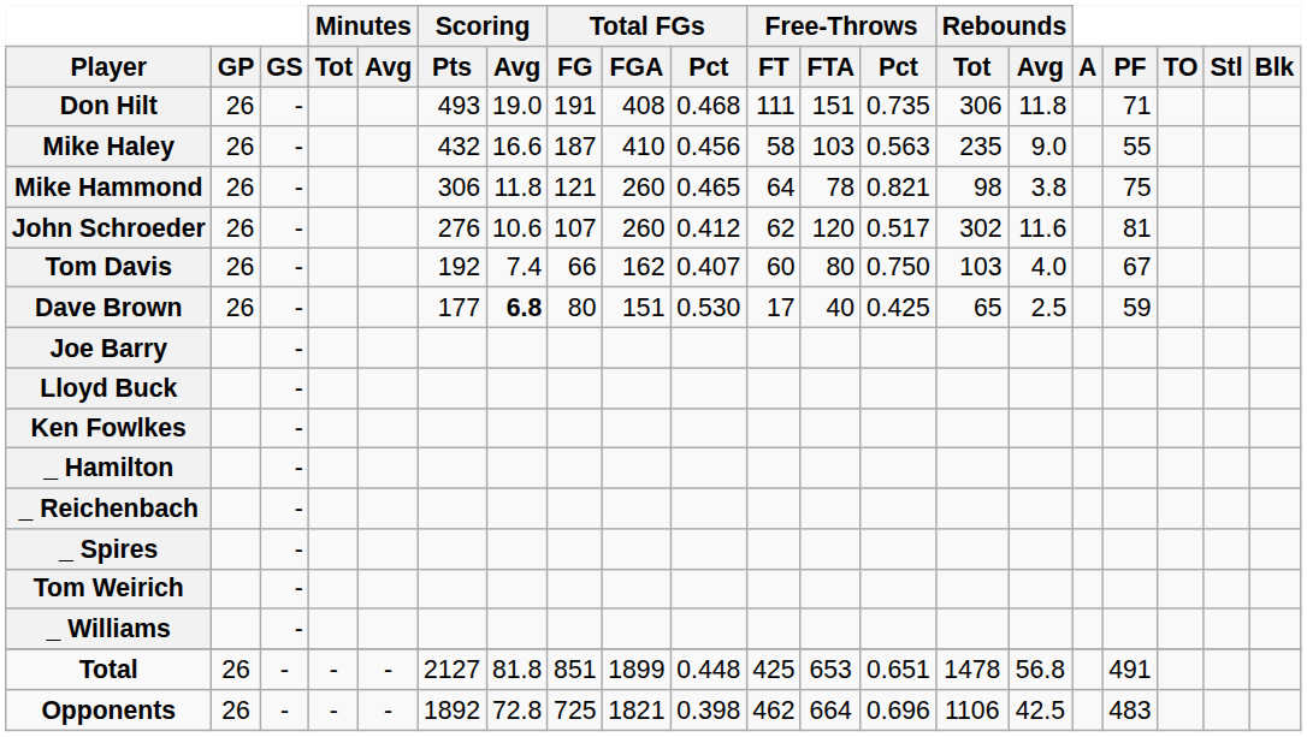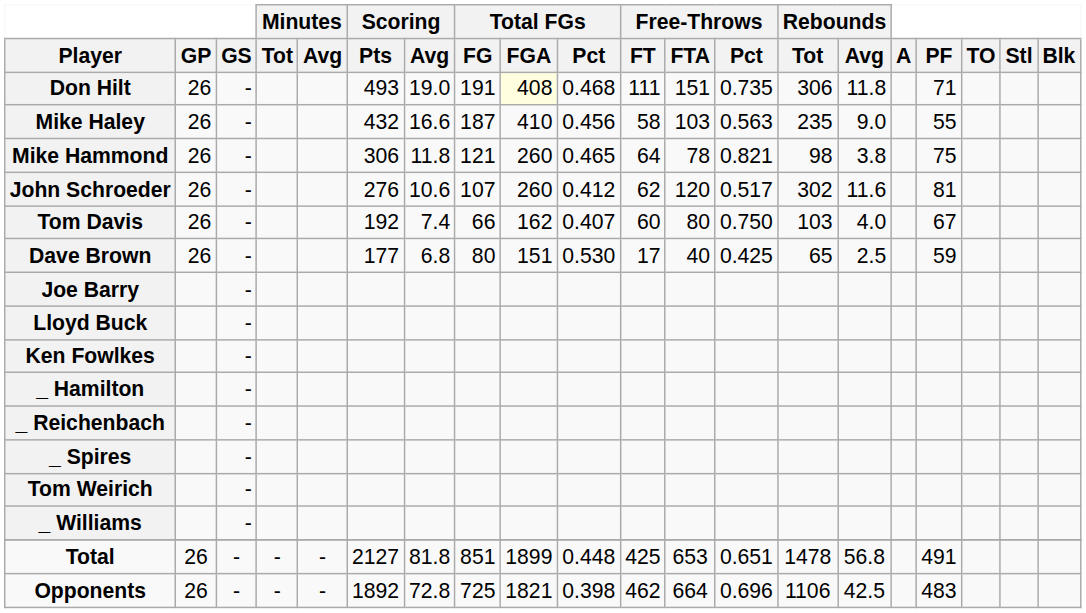 <table class="wikitable sortable" border="1" style="font-size:90%;">
 <tr>
 <th colspan="3" style="border-top-style:hidden; border-left-style:hidden; background: white;"></th>
 <th colspan="2" style=>Minutes</th>
 <th colspan="2" style=>Scoring</th>
 <th colspan="3" style=>Total FGs</th>
 <th colspan="3" style=>Free-Throws</th>
 <th colspan="2" style=>Rebounds</th>
 <th colspan="5" style="border-top-style:hidden; border-right-style:hidden; background: white;"></th>
 </tr>
 <tr>
 <th scope="col" style=>Player</th>
 <th scope="col" style=>GP</th>
 <th scope="col" style=>GS</th>
 <th scope="col" style=>Tot</th>
 <th scope="col" style=>Avg</th>
 <th scope="col" style=>Pts</th>
 <th scope="col" style=>Avg</th>
 <th scope="col" style=>FG</th>
 <th scope="col" style=>FGA</th>
 <th scope="col" style=>Pct</th>
 <th scope="col" style=>FT</th>
 <th scope="col" style=>FTA</th>
 <th scope="col" style=>Pct</th>
 <th scope="col" style=>Tot</th>
 <th scope="col" style=>Avg</th>
 <th scope="col" style=>A</th>
 <th scope="col" style=>PF</th>
 <th scope="col" style=>TO</th>
 <th scope="col" style=>Stl</th>
 <th scope="col" style=>Blk</th>
 </tr>
 <tr>
 <th>Don Hilt</th>
 <td align="right">26</td>
 <td align="right">-</td>
 <td align="right"></td>
 <td align="right"></td>
 <td align="right">493</td>
 <td align="right">19.0</td>
 <td align="right">191</td>
-<td align="right">408</td>
+<td align="right" style="background: lightyellow;">408</td>
 <td align="right">0.468</td>
 <td align="right">111</td>
 <td align="right">151</td>
 <td align="right">0.735</td>
 <td align="right">306</td>
 <td align="right">11.8</td>
 <td align="right"></td>
 <td align="right">71</td>
 <td align="right"></td>
 <td align="right"></td>
 <td align="right"></td>
 </tr>
 <tr>
 <th>Mike Haley</th>
 <td align="right">26</td>
 <td align="right">-</td>
 <td align="right"></td>
 <td align="right"></td>
 <td align="right">432</td>
 <td align="right">16.6</td>
 <td align="right">187</td>
 <td align="right">410</td>
 <td align="right">0.456</td>
 <td align="right">58</td>
 <td align="right">103</td>
 <td align="right">0.563</td>
 <td align="right">235</td>
 <td align="right">9.0</td>
 <td align="right"></td>
 <td align="right">55</td>
 <td align="right"></td>
 <td align="right"></td>
 <td align="right"></td>
 </tr>
 <tr>
 <th>Mike Hammond</th>
 <td align="right">26</td>
 <td align="right">-</td>
 <td align="right"></td>
 <td align="right"></td>
 <td align="right">306</td>
 <td align="right">11.8</td>
 <td align="right">121</td>
 <td align="right">260</td>
 <td align="right">0.465</td>
 <td align="right">64</td>
 <td align="right">78</td>
 <td align="right">0.821</td>
 <td align="right">98</td>
 <td align="right">3.8</td>
 <td align="right"></td>
 <td align="right">75</td>
 <td align="right"></td>
 <td align="right"></td>
 <td align="right"></td>
 </tr>
 <tr>
 <th>John Schroeder</th>
 <td align="right">26</td>
 <td align="right">-</td>
 <td align="right"></td>
 <td align="right"></td>
 <td align="right">276</td>
 <td align="right">10.6</td>
 <td align="right">107</td>
 <td align="right">260</td>
 <td align="right">0.412</td>
 <td align="right">62</td>
 <td align="right">120</td>
 <td align="right">0.517</td>
 <td align="right">302</td>
 <td align="right">11.6</td>
 <td align="right"></td>
 <td align="right">81</td>
 <td align="right"></td>
 <td align="right"></td>
 <td align="right"></td>
 </tr>
 <tr>
 <th>Tom Davis</th>
 <td align="right">26</td>
 <td align="right">-</td>
 <td align="right"></td>
 <td align="right"></td>
 <td align="right">192</td>
 <td align="right">7.4</td>
 <td align="right">66</td>
 <td align="right">162</td>
 <td align="right">0.407</td>
 <td align="right">60</td>
 <td align="right">80</td>
 <td align="right">0.750</td>
 <td align="right">103</td>
 <td align="right">4.0</td>
 <td align="right"></td>
 <td align="right">67</td>
 <td align="right"></td>
 <td align="right"></td>
 <td align="right"></td>
 </tr>
 <tr>
 <th>Dave Brown</th>
 <td align="right">26</td>
 <td align="right">-</td>
 <td align="right"></td>
 <td align="right"></td>
 <td align="right">177</td>
-<td align="right"><strong>6.8</strong></td>
+<td align="right">6.8</td>
 <td align="right">80</td>
 <td align="right">151</td>
 <td align="right">0.530</td>
 <td align="right">17</td>
 <td align="right">40</td>
 <td align="right">0.425</td>
 <td align="right">65</td>
 <td align="right">2.5</td>
 <td align="right"></td>
 <td align="right">59</td>
 <td align="right"></td>
 <td align="right"></td>
 <td align="right"></td>
 </tr>
 <tr>
 <th>Joe Barry</th>
 <td align="right"></td>
 <td align="right">-</td>
 <td align="right"></td>
 <td align="right"></td>
 <td align="right"></td>
 <td align="right"></td>
 <td align="right"></td>
 <td align="right"></td>
 <td align="right"></td>
 <td align="right"></td>
 <td align="right"></td>
 <td align="right"></td>
 <td align="right"></td>
 <td align="right"></td>
 <td align="right"></td>
 <td align="right"></td>
 <td align="right"></td>
 <td align="right"></td>
 <td align="right"></td>
 </tr>
 <tr>
 <th>Lloyd Buck</th>
 <td align="right"></td>
 <td align="right">-</td>
 <td align="right"></td>
 <td align="right"></td>
 <td align="right"></td>
 <td align="right"></td>
 <td align="right"></td>
 <td align="right"></td>
 <td align="right"></td>
 <td align="right"></td>
 <td align="right"></td>
 <td align="right"></td>
 <td align="right"></td>
 <td align="right"></td>
 <td align="right"></td>
 <td align="right"></td>
 <td align="right"></td>
 <td align="right"></td>
 <td align="right"></td>
 </tr>
 <tr>
 <th>Ken Fowlkes</th>
 <td align="right"></td>
 <td align="right">-</td>
 <td align="right"></td>
 <td align="right"></td>
 <td align="right"></td>
 <td align="right"></td>
 <td align="right"></td>
 <td align="right"></td>
 <td align="right"></td>
 <td align="right"></td>
 <td align="right"></td>
 <td align="right"></td>
 <td align="right"></td>
 <td align="right"></td>
 <td align="right"></td>
 <td align="right"></td>
 <td align="right"></td>
 <td align="right"></td>
 <td align="right"></td>
 </tr>
 <tr>
 <th>_ Hamilton</th>
 <td align="right"></td>
 <td align="right">-</td>
 <td align="right"></td>
 <td align="right"></td>
 <td align="right"></td>
 <td align="right"></td>
 <td align="right"></td>
 <td align="right"></td>
 <td align="right"></td>
 <td align="right"></td>
 <td align="right"></td>
 <td align="right"></td>
 <td align="right"></td>
 <td align="right"></td>
 <td align="right"></td>
 <td align="right"></td>
 <td align="right"></td>
 <td align="right"></td>
 <td align="right"></td>
 </tr>
 <tr>
 <th>_ Reichenbach</th>
 <td align="right"></td>
 <td align="right">-</td>
 <td align="right"></td>
 <td align="right"></td>
 <td align="right"></td>
 <td align="right"></td>
 <td align="right"></td>
 <td align="right"></td>
 <td align="right"></td>
 <td align="right"></td>
 <td align="right"></td>
 <td align="right"></td>
 <td align="right"></td>
 <td align="right"></td>
 <td align="right"></td>
 <td align="right"></td>
 <td align="right"></td>
 <td align="right"></td>
 <td align="right"></td>
 </tr>
 <tr>
 <th>_ Spires</th>
 <td align="right"></td>
 <td align="right">-</td>
 <td align="right"></td>
 <td align="right"></td>
 <td align="right"></td>
 <td align="right"></td>
 <td align="right"></td>
 <td align="right"></td>
 <td align="right"></td>
 <td align="right"></td>
 <td align="right"></td>
 <td align="right"></td>
 <td align="right"></td>
 <td align="right"></td>
 <td align="right"></td>
 <td align="right"></td>
 <td align="right"></td>
 <td align="right"></td>
 <td align="right"></td>
 </tr>
 <tr>
 <th>Tom Weirich</th>
 <td align="right"></td>
 <td align="right">-</td>
 <td align="right"></td>
 <td align="right"></td>
 <td align="right"></td>
 <td align="right"></td>
 <td align="right"></td>
 <td align="right"></td>
 <td align="right"></td>
 <td align="right"></td>
 <td align="right"></td>
 <td align="right"></td>
 <td align="right"></td>
 <td align="right"></td>
 <td align="right"></td>
 <td align="right"></td>
 <td align="right"></td>
 <td align="right"></td>
 <td align="right"></td>
 </tr>
 <tr>
 <th>_ Williams</th>
 <td align="right"></td>
 <td align="right">-</td>
 <td align="right"></td>
 <td align="right"></td>
 <td align="right"></td>
 <td align="right"></td>
 <td align="right"></td>
 <td align="right"></td>
 <td align="right"></td>
 <td align="right"></td>
 <td align="right"></td>
 <td align="right"></td>
 <td align="right"></td>
 <td align="right"></td>
 <td align="right"></td>
 <td align="right"></td>
 <td align="right"></td>
 <td align="right"></td>
 <td align="right"></td>
 </tr>
 <tr>
 </tr>
 <tr class="sortbottom">
 <td align="center" style=><strong>Total</strong></td>
 <td align="center" style=>26</td>
 <td align="center" style=>-</td>
 <td align="center" style=>-</td>
 <td align="center" style=>-</td>
 <td align="center" style=>2127</td>
 <td align="center" style=>81.8</td>
 <td align="center" style=>851</td>
 <td align="center" style=>1899</td>
 <td align="center" style=>0.448</td>
 <td align="center" style=>425</td>
 <td align="center" style=>653</td>
 <td align="center" style=>0.651</td>
 <td align="center" style=>1478</td>
 <td align="center" style=>56.8</td>
 <td align="center" style=></td>
 <td align="center" style=>491</td>
 <td align="center" style=></td>
 <td align="center" style=></td>
 <td align="center" style=></td>
 </tr>
 <tr class="sortbottom">
 <td align="center"><strong>Opponents</strong></td>
 <td align="center">26</td>
 <td align="center">-</td>
 <td align="center">-</td>
 <td align="center">-</td>
 <td align="center">1892</td>
 <td align="center">72.8</td>
 <td align="center">725</td>
 <td align="center">1821</td>
 <td align="center">0.398</td>
 <td align="center">462</td>
 <td align="center">664</td>
 <td align="center">0.696</td>
 <td align="center">1106</td>
 <td align="center">42.5</td>
 <td align="center"></td>
 <td align="center">483</td>
 <td align="center"></td>
 <td align="center"></td>
 <td align="center"></td>
 </tr>
 </table>
